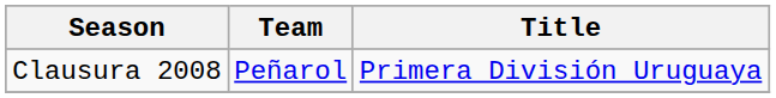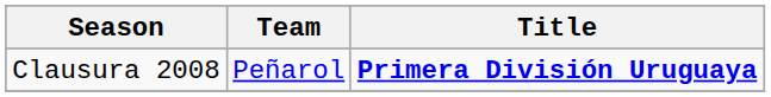 <table class="wikitable">
 <tr>
 <th>Season</th>
 <th>Team</th>
 <th>Title</th>
 </tr>
 <tr>
 <td>Clausura 2008</td>
 <td><a href='#'>Peñarol</a></td>
-<td><a href='#'>Primera División Uruguaya</a></td>
+<td><strong><a href='#'>Primera División Uruguaya</a></strong></td>
 </tr>
 <tr>
 </tr>
 </table>
